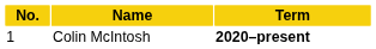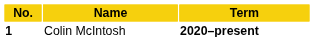 <table class="toccolours" style="width:25em">
 <tr>
 <th style="background:#f6d00d;color:black;border:#f6d00d 1px solid">No.</th>
 <th style="background:#f6d00d;color:black;border:#f6d00d 1px solid">Name</th>
 <th style="background:#f6d00d;color:black;border:#f6d00d 1px solid">Term</th>
 </tr>
 <tr>
-<td>1</td>
+<td><strong>1</strong></td>
 <td> Colin McIntosh</td>
 <td><strong>2020–present</strong></td>
 </tr>
 <tr>
 </tr>
 </table>
